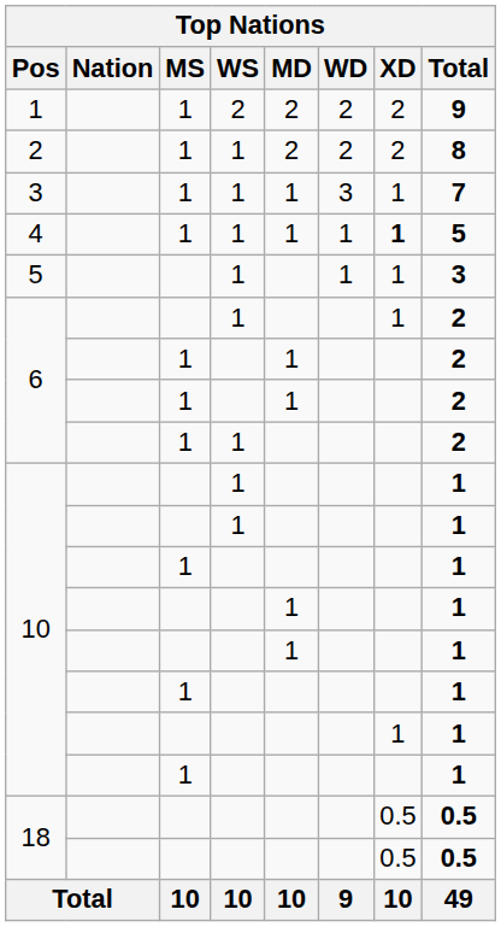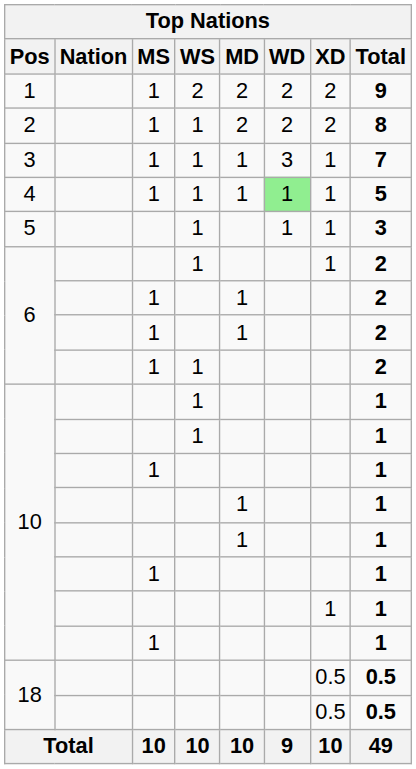 <table class="wikitable" style="text-align:center">
 <tr>
 <th colspan="10">Top Nations</th>
 </tr>
 <tr>
 <th>Pos</th>
 <th>Nation</th>
 <th>MS</th>
 <th>WS</th>
 <th>MD</th>
 <th>WD</th>
 <th>XD</th>
 <th>Total</th>
 </tr>
 <tr>
 <td>1</td>
 <td align="left"></td>
 <td>1</td>
 <td>2</td>
 <td>2</td>
 <td>2</td>
 <td>2</td>
 <td><strong>9</strong></td>
 </tr>
 <tr>
 <td>2</td>
 <td align="left"></td>
 <td>1</td>
 <td>1</td>
 <td>2</td>
 <td>2</td>
 <td>2</td>
 <td><strong>8</strong></td>
 </tr>
 <tr>
 <td>3</td>
 <td align="left"></td>
 <td>1</td>
 <td>1</td>
 <td>1</td>
 <td>3</td>
 <td>1</td>
 <td><strong>7</strong></td>
 </tr>
 <tr>
 <td>4</td>
 <td align="left"></td>
 <td>1</td>
 <td>1</td>
 <td>1</td>
+<td style="background: lightgreen;">1</td>
 <td>1</td>
-<td><strong>1</strong></td>
 <td><strong>5</strong></td>
 </tr>
 <tr>
 <td>5</td>
 <td align="left"></td>
 <td></td>
 <td>1</td>
 <td></td>
 <td>1</td>
 <td>1</td>
 <td><strong>3</strong></td>
 </tr>
 <tr>
 <td rowspan="4">6</td>
 <td align="left"></td>
 <td></td>
 <td>1</td>
 <td></td>
 <td></td>
 <td>1</td>
 <td><strong>2</strong></td>
 </tr>
 <tr>
 <td align="left"></td>
 <td>1</td>
 <td></td>
 <td>1</td>
 <td></td>
 <td></td>
 <td><strong>2</strong></td>
 </tr>
 <tr>
 <td align="left"></td>
 <td>1</td>
 <td></td>
 <td>1</td>
 <td></td>
 <td></td>
 <td><strong>2</strong></td>
 </tr>
 <tr>
 <td align="left"></td>
 <td>1</td>
 <td>1</td>
 <td></td>
 <td></td>
 <td></td>
 <td><strong>2</strong></td>
 </tr>
 <tr>
 <td rowspan="8">10</td>
 <td align="left"></td>
 <td></td>
 <td>1</td>
 <td></td>
 <td></td>
 <td></td>
 <td><strong>1</strong></td>
 </tr>
 <tr>
 <td align="left"></td>
 <td></td>
 <td>1</td>
 <td></td>
 <td></td>
 <td></td>
 <td><strong>1</strong></td>
 </tr>
 <tr>
 <td align="left"></td>
 <td>1</td>
 <td></td>
 <td></td>
 <td></td>
 <td></td>
 <td><strong>1</strong></td>
 </tr>
 <tr>
 <td align="left"></td>
 <td></td>
 <td></td>
 <td>1</td>
 <td></td>
 <td></td>
 <td><strong>1</strong></td>
 </tr>
 <tr>
 <td align="left"></td>
 <td></td>
 <td></td>
 <td>1</td>
 <td></td>
 <td></td>
 <td><strong>1</strong></td>
 </tr>
 <tr>
 <td align="left"></td>
 <td>1</td>
 <td></td>
 <td></td>
 <td></td>
 <td></td>
 <td><strong>1</strong></td>
 </tr>
 <tr>
 <td align="left"></td>
 <td></td>
 <td></td>
 <td></td>
 <td></td>
 <td>1</td>
 <td><strong>1</strong></td>
 </tr>
 <tr>
 <td align="left"></td>
 <td>1</td>
 <td></td>
 <td></td>
 <td></td>
 <td></td>
 <td><strong>1</strong></td>
 </tr>
 <tr>
 <td rowspan="2">18</td>
 <td align="left"></td>
 <td></td>
 <td></td>
 <td></td>
 <td></td>
 <td>0.5</td>
 <td><strong>0.5</strong></td>
 </tr>
 <tr>
 <td align="left"></td>
 <td></td>
 <td></td>
 <td></td>
 <td></td>
 <td>0.5</td>
 <td><strong>0.5</strong></td>
 </tr>
 <tr>
 <th colspan="2">Total</th>
 <th>10</th>
 <th>10</th>
 <th>10</th>
 <th>9</th>
 <th>10</th>
 <th>49</th>
 </tr>
 </table>
